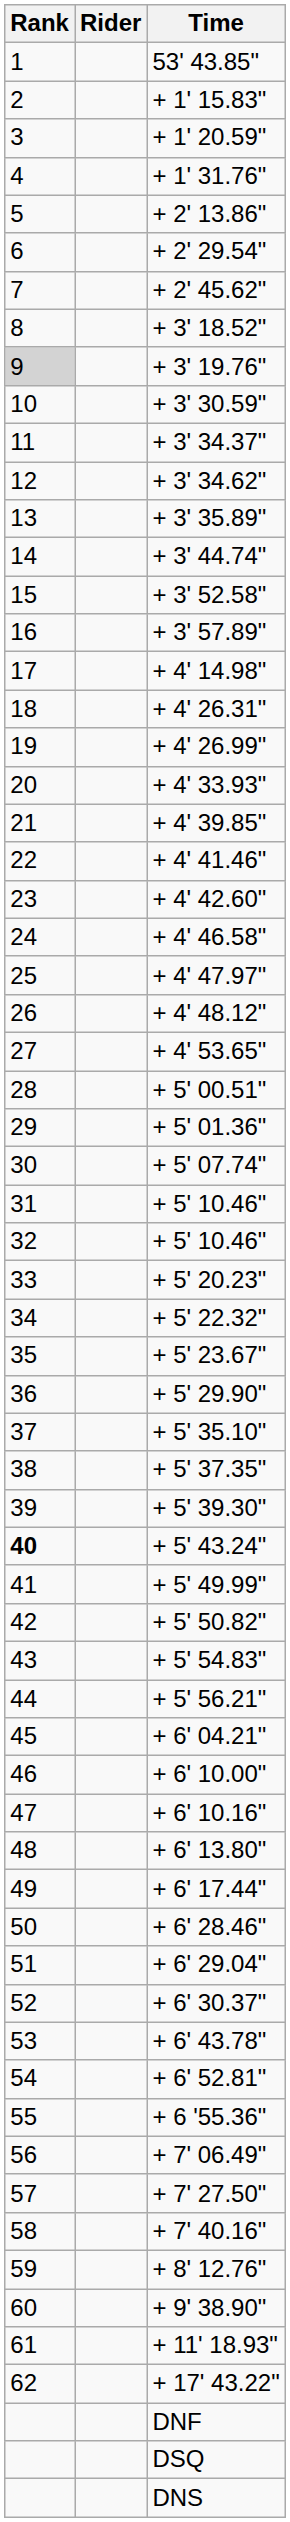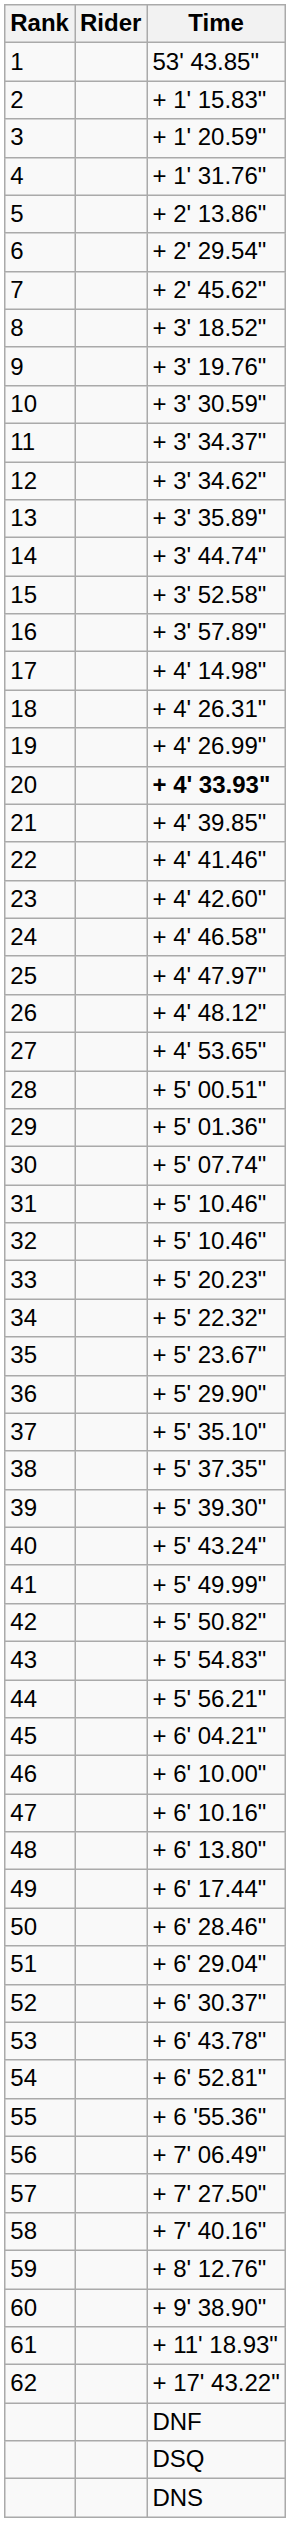 <table class="wikitable">
 <tr>
 <th>Rank</th>
 <th>Rider</th>
 <th>Time</th>
 </tr>
 <tr>
 <td>1</td>
 <td></td>
 <td>53' 43.85"</td>
 </tr>
 <tr>
 <td>2</td>
 <td></td>
 <td>+ 1' 15.83"</td>
 </tr>
 <tr>
 <td>3</td>
 <td></td>
 <td>+ 1' 20.59"</td>
 </tr>
 <tr>
 <td>4</td>
 <td></td>
 <td>+ 1' 31.76"</td>
 </tr>
 <tr>
 <td>5</td>
 <td></td>
 <td>+ 2' 13.86"</td>
 </tr>
 <tr>
 <td>6</td>
 <td></td>
 <td>+ 2' 29.54"</td>
 </tr>
 <tr>
 <td>7</td>
 <td></td>
 <td>+ 2' 45.62"</td>
 </tr>
 <tr>
 <td>8</td>
 <td></td>
 <td>+ 3' 18.52"</td>
 </tr>
 <tr>
-<td style="background: lightgrey;">9</td>
+<td>9</td>
 <td></td>
 <td>+ 3' 19.76"</td>
 </tr>
 <tr>
 <td>10</td>
 <td></td>
 <td>+ 3' 30.59"</td>
 </tr>
 <tr>
 <td>11</td>
 <td></td>
 <td>+ 3' 34.37"</td>
 </tr>
 <tr>
 <td>12</td>
 <td></td>
 <td>+ 3' 34.62"</td>
 </tr>
 <tr>
 <td>13</td>
 <td></td>
 <td>+ 3' 35.89"</td>
 </tr>
 <tr>
 <td>14</td>
 <td></td>
 <td>+ 3' 44.74"</td>
 </tr>
 <tr>
 <td>15</td>
 <td></td>
 <td>+ 3' 52.58"</td>
 </tr>
 <tr>
 <td>16</td>
 <td></td>
 <td>+ 3' 57.89"</td>
 </tr>
 <tr>
 <td>17</td>
 <td></td>
 <td>+ 4' 14.98"</td>
 </tr>
 <tr>
 <td>18</td>
 <td></td>
 <td>+ 4' 26.31"</td>
 </tr>
 <tr>
 <td>19</td>
 <td></td>
 <td>+ 4' 26.99"</td>
 </tr>
 <tr>
 <td>20</td>
 <td></td>
-<td>+ 4' 33.93"</td>
+<td><strong>+ 4' 33.93"</strong></td>
 </tr>
 <tr>
 <td>21</td>
 <td></td>
 <td>+ 4' 39.85"</td>
 </tr>
 <tr>
 <td>22</td>
 <td></td>
 <td>+ 4' 41.46"</td>
 </tr>
 <tr>
 <td>23</td>
 <td></td>
 <td>+ 4' 42.60"</td>
 </tr>
 <tr>
 <td>24</td>
 <td></td>
 <td>+ 4' 46.58"</td>
 </tr>
 <tr>
 <td>25</td>
 <td></td>
 <td>+ 4' 47.97"</td>
 </tr>
 <tr>
 <td>26</td>
 <td></td>
 <td>+ 4' 48.12"</td>
 </tr>
 <tr>
 <td>27</td>
 <td></td>
 <td>+ 4' 53.65"</td>
 </tr>
 <tr>
 <td>28</td>
 <td></td>
 <td>+ 5' 00.51"</td>
 </tr>
 <tr>
 <td>29</td>
 <td></td>
 <td>+ 5' 01.36"</td>
 </tr>
 <tr>
 <td>30</td>
 <td></td>
 <td>+ 5' 07.74"</td>
 </tr>
 <tr>
 <td>31</td>
 <td></td>
 <td>+ 5' 10.46"</td>
 </tr>
 <tr>
 <td>32</td>
 <td></td>
 <td>+ 5' 10.46"</td>
 </tr>
 <tr>
 <td>33</td>
 <td></td>
 <td>+ 5' 20.23"</td>
 </tr>
 <tr>
 <td>34</td>
 <td></td>
 <td>+ 5' 22.32"</td>
 </tr>
 <tr>
 <td>35</td>
 <td></td>
 <td>+ 5' 23.67"</td>
 </tr>
 <tr>
 <td>36</td>
 <td></td>
 <td>+ 5' 29.90"</td>
 </tr>
 <tr>
 <td>37</td>
 <td></td>
 <td>+ 5' 35.10"</td>
 </tr>
 <tr>
 <td>38</td>
 <td></td>
 <td>+ 5' 37.35"</td>
 </tr>
 <tr>
 <td>39</td>
 <td></td>
 <td>+ 5' 39.30"</td>
 </tr>
 <tr>
-<td><strong>40</strong></td>
+<td>40</td>
 <td></td>
 <td>+ 5' 43.24"</td>
 </tr>
 <tr>
 <td>41</td>
 <td></td>
 <td>+ 5' 49.99"</td>
 </tr>
 <tr>
 <td>42</td>
 <td></td>
 <td>+ 5' 50.82"</td>
 </tr>
 <tr>
 <td>43</td>
 <td></td>
 <td>+ 5' 54.83"</td>
 </tr>
 <tr>
 <td>44</td>
 <td></td>
 <td>+ 5' 56.21"</td>
 </tr>
 <tr>
 <td>45</td>
 <td></td>
 <td>+ 6' 04.21"</td>
 </tr>
 <tr>
 <td>46</td>
 <td></td>
 <td>+ 6' 10.00"</td>
 </tr>
 <tr>
 <td>47</td>
 <td></td>
 <td>+ 6' 10.16"</td>
 </tr>
 <tr>
 <td>48</td>
 <td></td>
 <td>+ 6' 13.80"</td>
 </tr>
 <tr>
 <td>49</td>
 <td></td>
 <td>+ 6' 17.44"</td>
 </tr>
 <tr>
 <td>50</td>
 <td></td>
 <td>+ 6' 28.46"</td>
 </tr>
 <tr>
 <td>51</td>
 <td></td>
 <td>+ 6' 29.04"</td>
 </tr>
 <tr>
 <td>52</td>
 <td></td>
 <td>+ 6' 30.37"</td>
 </tr>
 <tr>
 <td>53</td>
 <td></td>
 <td>+ 6' 43.78"</td>
 </tr>
 <tr>
 <td>54</td>
 <td></td>
 <td>+ 6' 52.81"</td>
 </tr>
 <tr>
 <td>55</td>
 <td></td>
 <td>+ 6 '55.36"</td>
 </tr>
 <tr>
 <td>56</td>
 <td></td>
 <td>+ 7' 06.49"</td>
 </tr>
 <tr>
 <td>57</td>
 <td></td>
 <td>+ 7' 27.50"</td>
 </tr>
 <tr>
 <td>58</td>
 <td></td>
 <td>+ 7' 40.16"</td>
 </tr>
 <tr>
 <td>59</td>
 <td></td>
 <td>+ 8' 12.76"</td>
 </tr>
 <tr>
 <td>60</td>
 <td></td>
 <td>+ 9' 38.90"</td>
 </tr>
 <tr>
 <td>61</td>
 <td></td>
 <td>+ 11' 18.93"</td>
 </tr>
 <tr>
 <td>62</td>
 <td></td>
 <td>+ 17' 43.22"</td>
 </tr>
 <tr>
 <td></td>
 <td></td>
 <td>DNF</td>
 </tr>
 <tr>
 <td></td>
 <td></td>
 <td>DSQ</td>
 </tr>
 <tr>
 <td></td>
 <td></td>
 <td>DNS</td>
 </tr>
 </table>
